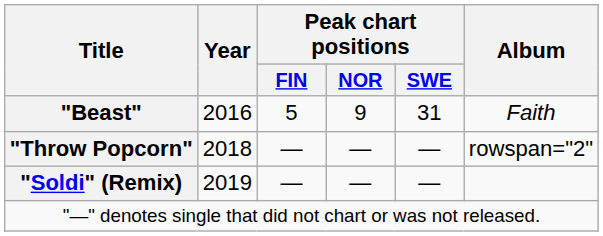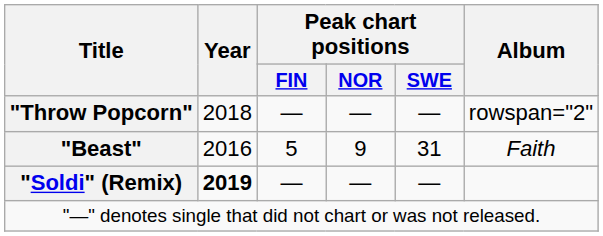 <table class="wikitable plainrowheaders" style="text-align:center;">
 <tr>
 <th scope="col" rowspan="2">Title</th>
 <th scope="col" rowspan="2">Year</th>
 <th scope="col" colspan="3">Peak chart positions</th>
 <th scope="col" rowspan="2">Album</th>
 </tr>
 <tr>
 <th scope="col" style="width:3em;font-size:90%;"><a href='#'>FIN</a><br></th>
 <th scope="col" style="width:3em;font-size:90%;"><a href='#'>NOR</a><br></th>
 <th scope="col" style="width:3em;font-size:90%;"><a href='#'>SWE</a><br></th>
 </tr>
 <tr>
+<th scope="row">"Throw Popcorn"<br></th>
+<td>2018</td>
+<td>—</td>
+<td>—</td>
+<td>—</td>
+<td>rowspan="2" </td>
+</tr>
+<tr>
 <th scope="row">"Beast"<br></th>
 <td>2016</td>
 <td>5</td>
 <td>9</td>
 <td>31</td>
 <td><em>Faith</em></td>
 </tr>
 <tr>
-<th scope="row">"Throw Popcorn"<br></th>
-<td>2018</td>
-<td>—</td>
-<td>—</td>
-<td>—</td>
-<td>rowspan="2" </td>
-</tr>
-<tr>
 <th scope="row">"<a href='#'>Soldi</a>" (Remix)<br></th>
-<td>2019</td>
+<td><strong>2019</strong></td>
 <td>—</td>
 <td>—</td>
 <td>—</td>
 </tr>
 <tr>
 <td colspan="6" style="text-align:center; font-size:85%;">"—" denotes single that did not chart or was not released.</td>
 </tr>
 </table>
